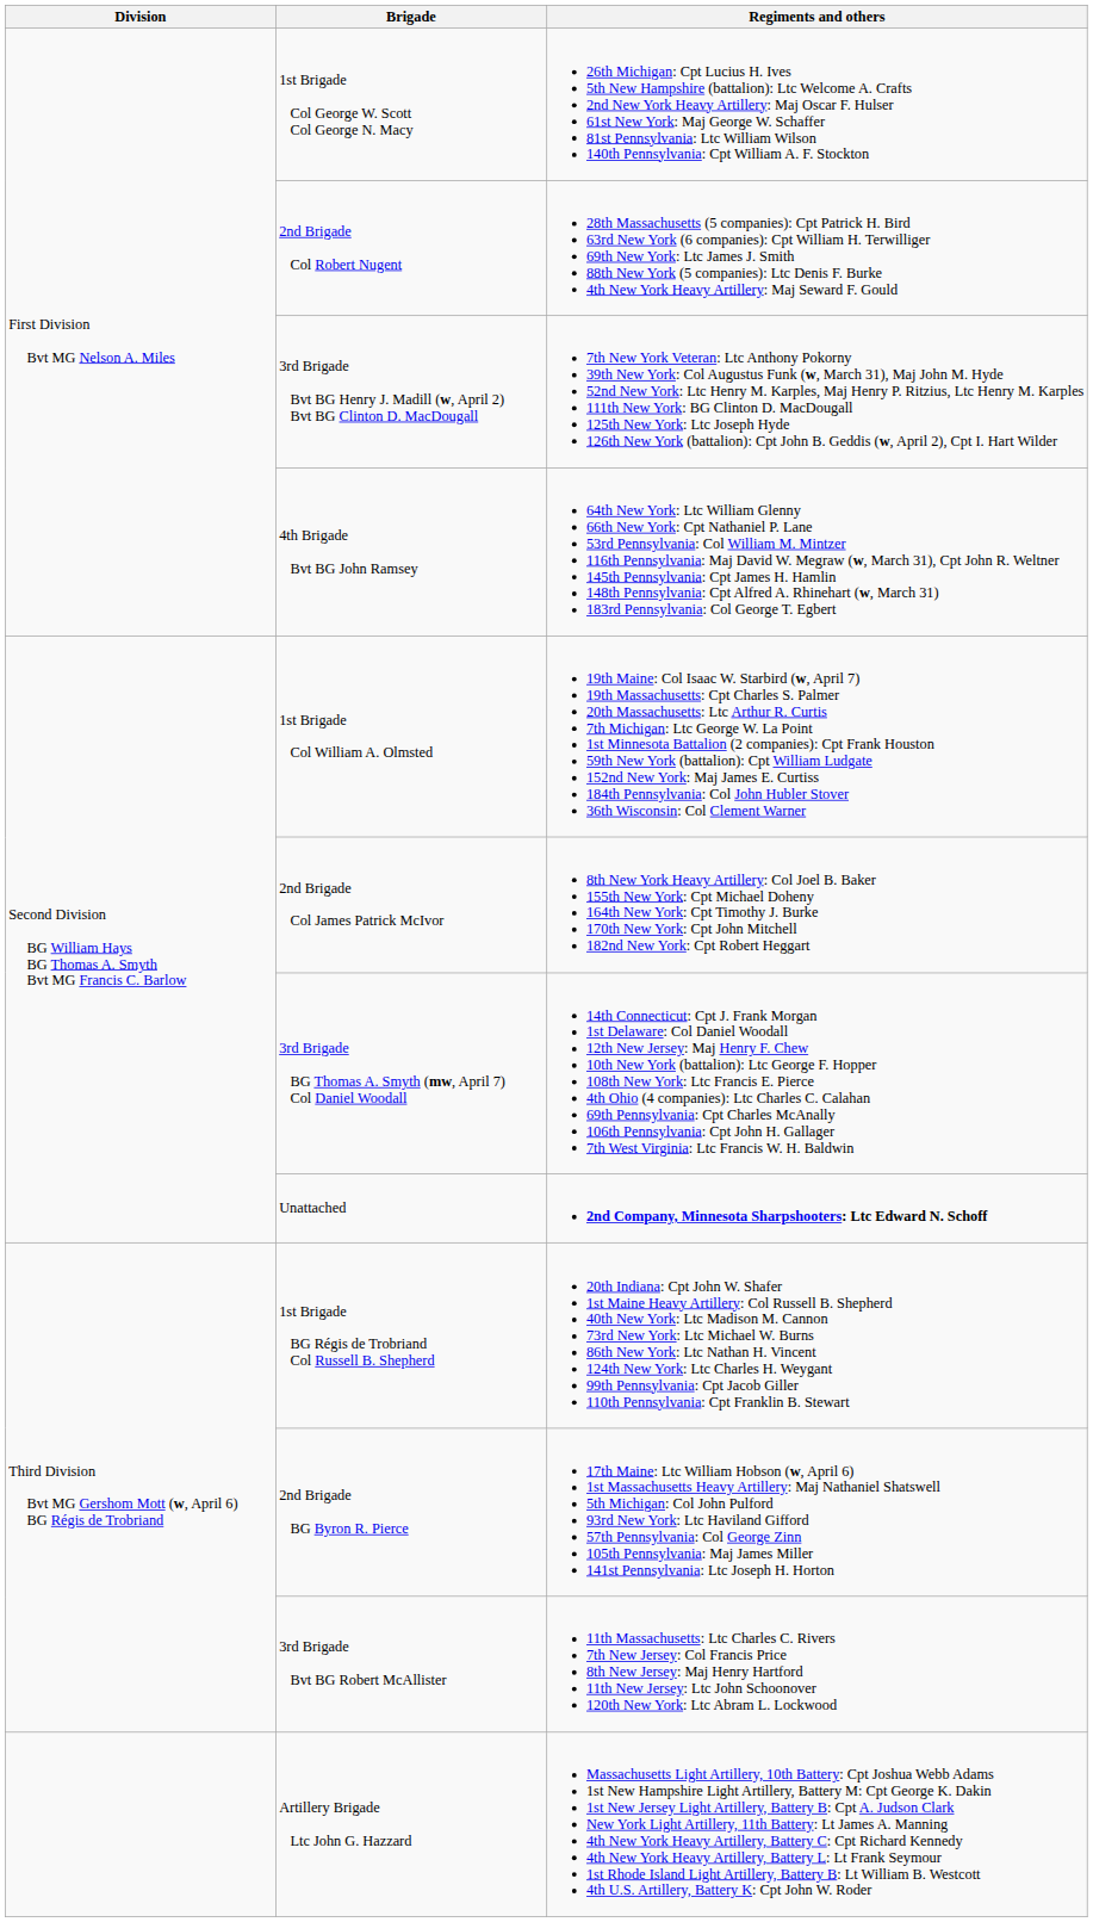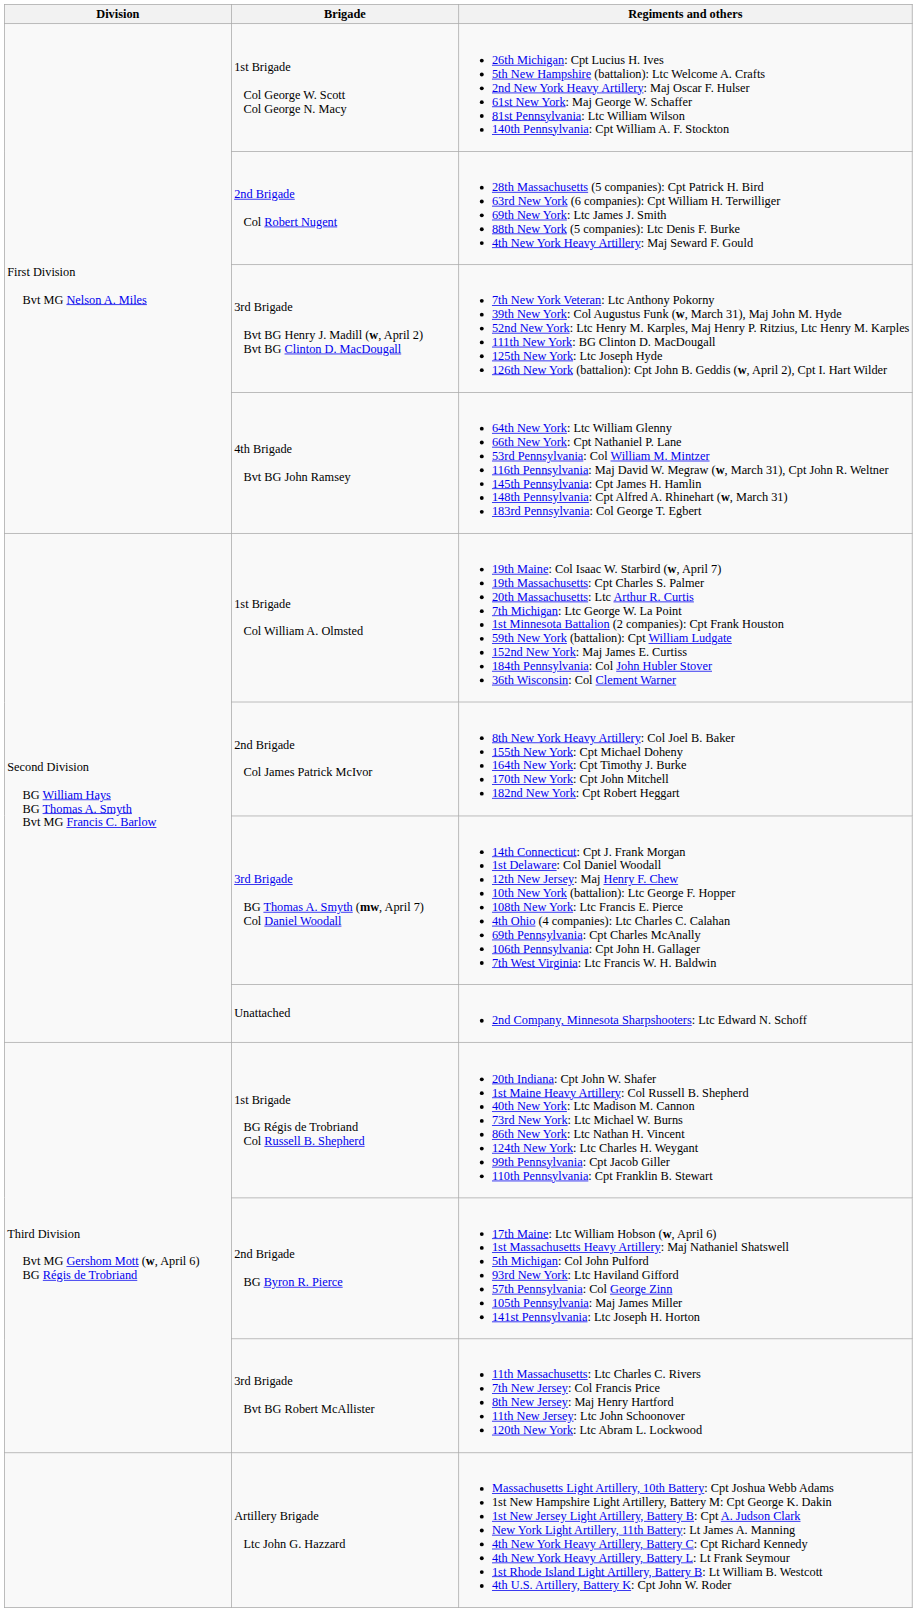 <table class="wikitable">
 <tr>
 <th style="width:25%;">Division</th>
 <th style="width:25%;">Brigade</th>
 <th>Regiments and others</th>
 </tr>
 <tr>
 <td rowspan=4><br>First Division<br><br>     Bvt MG <a href='#'>Nelson A. Miles</a> </td>
 <td>1st Brigade<br><br>   Col George W. Scott <br>   Col George N. Macy</td>
 <td><br><ul><li><a href='#'>26th Michigan</a>: Cpt Lucius H. Ives</li><li><a href='#'>5th New Hampshire</a> (battalion): Ltc Welcome A. Crafts</li><li><a href='#'>2nd New York Heavy Artillery</a>: Maj Oscar F. Hulser</li><li><a href='#'>61st New York</a>: Maj George W. Schaffer</li><li><a href='#'>81st Pennsylvania</a>: Ltc William Wilson</li><li><a href='#'>140th Pennsylvania</a>: Cpt William A. F. Stockton</li></ul></td>
 </tr>
 <tr>
 <td><a href='#'>2nd Brigade</a><br><br>   Col <a href='#'>Robert Nugent</a></td>
 <td><br><ul><li><a href='#'>28th Massachusetts</a> (5 companies): Cpt Patrick H. Bird</li><li><a href='#'>63rd New York</a> (6 companies): Cpt William H. Terwilliger</li><li><a href='#'>69th New York</a>: Ltc James J. Smith</li><li><a href='#'>88th New York</a> (5 companies): Ltc Denis F. Burke</li><li><a href='#'>4th New York Heavy Artillery</a>: Maj Seward F. Gould</li></ul></td>
 </tr>
 <tr>
 <td>3rd Brigade<br><br>   Bvt BG Henry J. Madill (<strong>w</strong>, April 2) <br>   Bvt BG <a href='#'>Clinton D. MacDougall</a></td>
 <td><br><ul><li><a href='#'>7th New York Veteran</a>: Ltc Anthony Pokorny</li><li><a href='#'>39th New York</a>: Col Augustus Funk (<strong>w</strong>, March 31), Maj John M. Hyde</li><li><a href='#'>52nd New York</a>: Ltc Henry M. Karples, Maj Henry P. Ritzius, Ltc Henry M. Karples</li><li><a href='#'>111th New York</a>: BG Clinton D. MacDougall</li><li><a href='#'>125th New York</a>: Ltc Joseph Hyde</li><li><a href='#'>126th New York</a> (battalion): Cpt John B. Geddis (<strong>w</strong>, April 2), Cpt I. Hart Wilder</li></ul></td>
 </tr>
 <tr>
 <td>4th Brigade<br><br>   Bvt BG John Ramsey</td>
 <td><br><ul><li><a href='#'>64th New York</a>: Ltc William Glenny</li><li><a href='#'>66th New York</a>: Cpt Nathaniel P. Lane</li><li><a href='#'>53rd Pennsylvania</a>: Col <a href='#'>William M. Mintzer</a></li><li><a href='#'>116th Pennsylvania</a>:  Maj David W. Megraw (<strong>w</strong>, March 31), Cpt John R. Weltner</li><li><a href='#'>145th Pennsylvania</a>: Cpt James H. Hamlin</li><li><a href='#'>148th Pennsylvania</a>: Cpt Alfred A. Rhinehart (<strong>w</strong>, March 31)</li><li><a href='#'>183rd Pennsylvania</a>: Col George T. Egbert</li></ul></td>
 </tr>
 <tr>
 <td rowspan=4><br>Second Division<br><br>     BG <a href='#'>William Hays</a> <br>     BG <a href='#'>Thomas A. Smyth</a> <br>     Bvt MG <a href='#'>Francis C. Barlow</a> </td>
 <td>1st Brigade<br><br>   Col William A. Olmsted</td>
 <td><br><ul><li><a href='#'>19th Maine</a>: Col Isaac W. Starbird (<strong>w</strong>, April 7)</li><li><a href='#'>19th Massachusetts</a>: Cpt Charles S. Palmer</li><li><a href='#'>20th Massachusetts</a>: Ltc <a href='#'>Arthur R. Curtis</a></li><li><a href='#'>7th Michigan</a>: Ltc George W. La Point</li><li><a href='#'>1st Minnesota Battalion</a> (2 companies): Cpt Frank Houston</li><li><a href='#'>59th New York</a> (battalion): Cpt <a href='#'>William Ludgate</a></li><li><a href='#'>152nd New York</a>: Maj James E. Curtiss</li><li><a href='#'>184th Pennsylvania</a>: Col <a href='#'>John Hubler Stover</a></li><li><a href='#'>36th Wisconsin</a>: Col <a href='#'>Clement Warner</a></li></ul></td>
 </tr>
 <tr>
 <td>2nd Brigade<br><br>   Col James Patrick McIvor</td>
 <td><br><ul><li><a href='#'>8th New York Heavy Artillery</a>: Col Joel B. Baker</li><li><a href='#'>155th New York</a>: Cpt Michael Doheny</li><li><a href='#'>164th New York</a>: Cpt Timothy J. Burke</li><li><a href='#'>170th New York</a>: Cpt John Mitchell</li><li><a href='#'>182nd New York</a>: Cpt Robert Heggart</li></ul></td>
 </tr>
 <tr>
 <td><a href='#'>3rd Brigade</a><br><br>   BG <a href='#'>Thomas A. Smyth</a> (<strong>mw</strong>, April 7) <br>   Col <a href='#'>Daniel Woodall</a></td>
 <td><br><ul><li><a href='#'>14th Connecticut</a>: Cpt J. Frank Morgan</li><li><a href='#'>1st Delaware</a>: Col Daniel Woodall</li><li><a href='#'>12th New Jersey</a>: Maj <a href='#'>Henry F. Chew</a></li><li><a href='#'>10th New York</a> (battalion): Ltc George F. Hopper</li><li><a href='#'>108th New York</a>: Ltc Francis E. Pierce</li><li><a href='#'>4th Ohio</a> (4 companies): Ltc Charles C. Calahan</li><li><a href='#'>69th Pennsylvania</a>: Cpt Charles McAnally</li><li><a href='#'>106th Pennsylvania</a>: Cpt John H. Gallager</li><li><a href='#'>7th West Virginia</a>: Ltc Francis W. H. Baldwin</li></ul></td>
 </tr>
 <tr>
 <td>Unattached</td>
-<td><strong><br><ul><li><a href='#'>2nd Company, Minnesota Sharpshooters</a>: Ltc Edward N. Schoff</li></ul></strong></td>
+<td><br><ul><li><a href='#'>2nd Company, Minnesota Sharpshooters</a>: Ltc Edward N. Schoff</li></ul></td>
 </tr>
 <tr>
 <td rowspan=3><br>Third Division<br><br>     Bvt MG <a href='#'>Gershom Mott</a> (<strong>w</strong>, April 6) <br>     BG <a href='#'>Régis de Trobriand</a> </td>
 <td>1st Brigade<br><br>   BG Régis de Trobriand <br>   Col <a href='#'>Russell B. Shepherd</a></td>
 <td><br><ul><li><a href='#'>20th Indiana</a>: Cpt John W. Shafer</li><li><a href='#'>1st Maine Heavy Artillery</a>: Col Russell B. Shepherd</li><li><a href='#'>40th New York</a>: Ltc Madison M. Cannon</li><li><a href='#'>73rd New York</a>: Ltc Michael W. Burns</li><li><a href='#'>86th New York</a>: Ltc Nathan H. Vincent</li><li><a href='#'>124th New York</a>: Ltc Charles H. Weygant</li><li><a href='#'>99th Pennsylvania</a>: Cpt Jacob Giller</li><li><a href='#'>110th Pennsylvania</a>: Cpt Franklin B. Stewart</li></ul></td>
 </tr>
 <tr>
 <td>2nd Brigade<br><br>   BG <a href='#'>Byron R. Pierce</a></td>
 <td><br><ul><li><a href='#'>17th Maine</a>: Ltc William Hobson (<strong>w</strong>, April 6)</li><li><a href='#'>1st Massachusetts Heavy Artillery</a>: Maj Nathaniel Shatswell</li><li><a href='#'>5th Michigan</a>: Col John Pulford</li><li><a href='#'>93rd New York</a>: Ltc Haviland Gifford</li><li><a href='#'>57th Pennsylvania</a>: Col <a href='#'>George Zinn</a></li><li><a href='#'>105th Pennsylvania</a>: Maj James Miller</li><li><a href='#'>141st Pennsylvania</a>: Ltc Joseph H. Horton</li></ul></td>
 </tr>
 <tr>
 <td>3rd Brigade<br><br>   Bvt BG Robert McAllister</td>
 <td><br><ul><li><a href='#'>11th Massachusetts</a>: Ltc Charles C. Rivers</li><li><a href='#'>7th New Jersey</a>: Col Francis Price</li><li><a href='#'>8th New Jersey</a>: Maj Henry Hartford</li><li><a href='#'>11th New Jersey</a>: Ltc John Schoonover</li><li><a href='#'>120th New York</a>: Ltc Abram L. Lockwood</li></ul></td>
 </tr>
 <tr>
 <td></td>
 <td>Artillery Brigade<br><br>   Ltc John G. Hazzard</td>
 <td><br><ul><li><a href='#'>Massachusetts Light Artillery, 10th Battery</a>: Cpt Joshua Webb Adams</li><li>1st New Hampshire Light Artillery, Battery M: Cpt George K. Dakin</li><li><a href='#'>1st New Jersey Light Artillery, Battery B</a>: Cpt <a href='#'>A. Judson Clark</a></li><li><a href='#'>New York Light Artillery, 11th Battery</a>: Lt James A. Manning</li><li><a href='#'>4th New York Heavy Artillery, Battery C</a>: Cpt Richard Kennedy</li><li><a href='#'>4th New York Heavy Artillery, Battery L</a>: Lt Frank Seymour</li><li><a href='#'>1st Rhode Island Light Artillery, Battery B</a>: Lt William B. Westcott</li><li><a href='#'>4th U.S. Artillery, Battery K</a>: Cpt John W. Roder</li></ul></td>
 </tr>
 </table>
